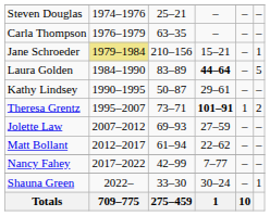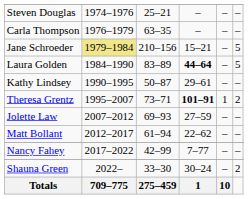 <table class="wikitable">
 <tr>
 </tr>
 <tr align="center">
 <td align="left">Steven Douglas</td>
 <td>1974–1976</td>
 <td>25–21</td>
 <td>–</td>
 <td>–</td>
 <td>–</td>
 </tr>
 <tr align="center">
 <td align="left">Carla Thompson</td>
 <td>1976–1979</td>
 <td>63–35</td>
 <td>–</td>
 <td>–</td>
 <td>–</td>
 </tr>
 <tr align="center">
 <td align="left">Jane Schroeder</td>
 <td style="background: khaki;">1979–1984</td>
 <td>210–156</td>
 <td>15–21</td>
 <td>–</td>
-<td>1</td>
+<td>5</td>
 </tr>
 <tr align="center">
 <td align="left">Laura Golden</td>
 <td>1984–1990</td>
 <td>83–89</td>
 <td><strong>44–64</strong></td>
 <td>–</td>
 <td>5</td>
 </tr>
 <tr align="center">
 <td align="left">Kathy Lindsey</td>
 <td>1990–1995</td>
 <td>50–87</td>
 <td>29–61</td>
 <td>–</td>
 <td>–</td>
 </tr>
 <tr align="center">
 <td align="left"><a href='#'>Theresa Grentz</a></td>
 <td>1995–2007</td>
 <td>73–71</td>
 <td><strong>101–91</strong></td>
 <td>1</td>
 <td>2</td>
 </tr>
 <tr align="center">
 <td align="left"><a href='#'>Jolette Law</a></td>
 <td>2007–2012</td>
 <td>69–93</td>
 <td>27–59</td>
 <td>–</td>
 <td>–</td>
 </tr>
 <tr align="center">
 <td align="left"><a href='#'>Matt Bollant</a></td>
 <td>2012–2017</td>
 <td>61–94</td>
 <td>22–62</td>
 <td>–</td>
 <td>–</td>
 </tr>
 <tr>
 </tr>
 <tr align="center">
 <td align="left"><a href='#'>Nancy Fahey</a></td>
 <td>2017–2022</td>
 <td>42–99</td>
 <td>7–77</td>
 <td>–</td>
 <td>–</td>
 </tr>
 <tr>
 </tr>
 <tr align="center">
 <td align="left"><a href='#'>Shauna Green</a></td>
 <td>2022–</td>
 <td>33–30</td>
 <td>30–24</td>
 <td>–</td>
-<td>1</td>
+<td>2</td>
 </tr>
 <tr>
 <th>Totals</th>
 <th>709–775</th>
 <th>275–459</th>
 <th>1</th>
 <th>10</th>
 </tr>
 </table>
